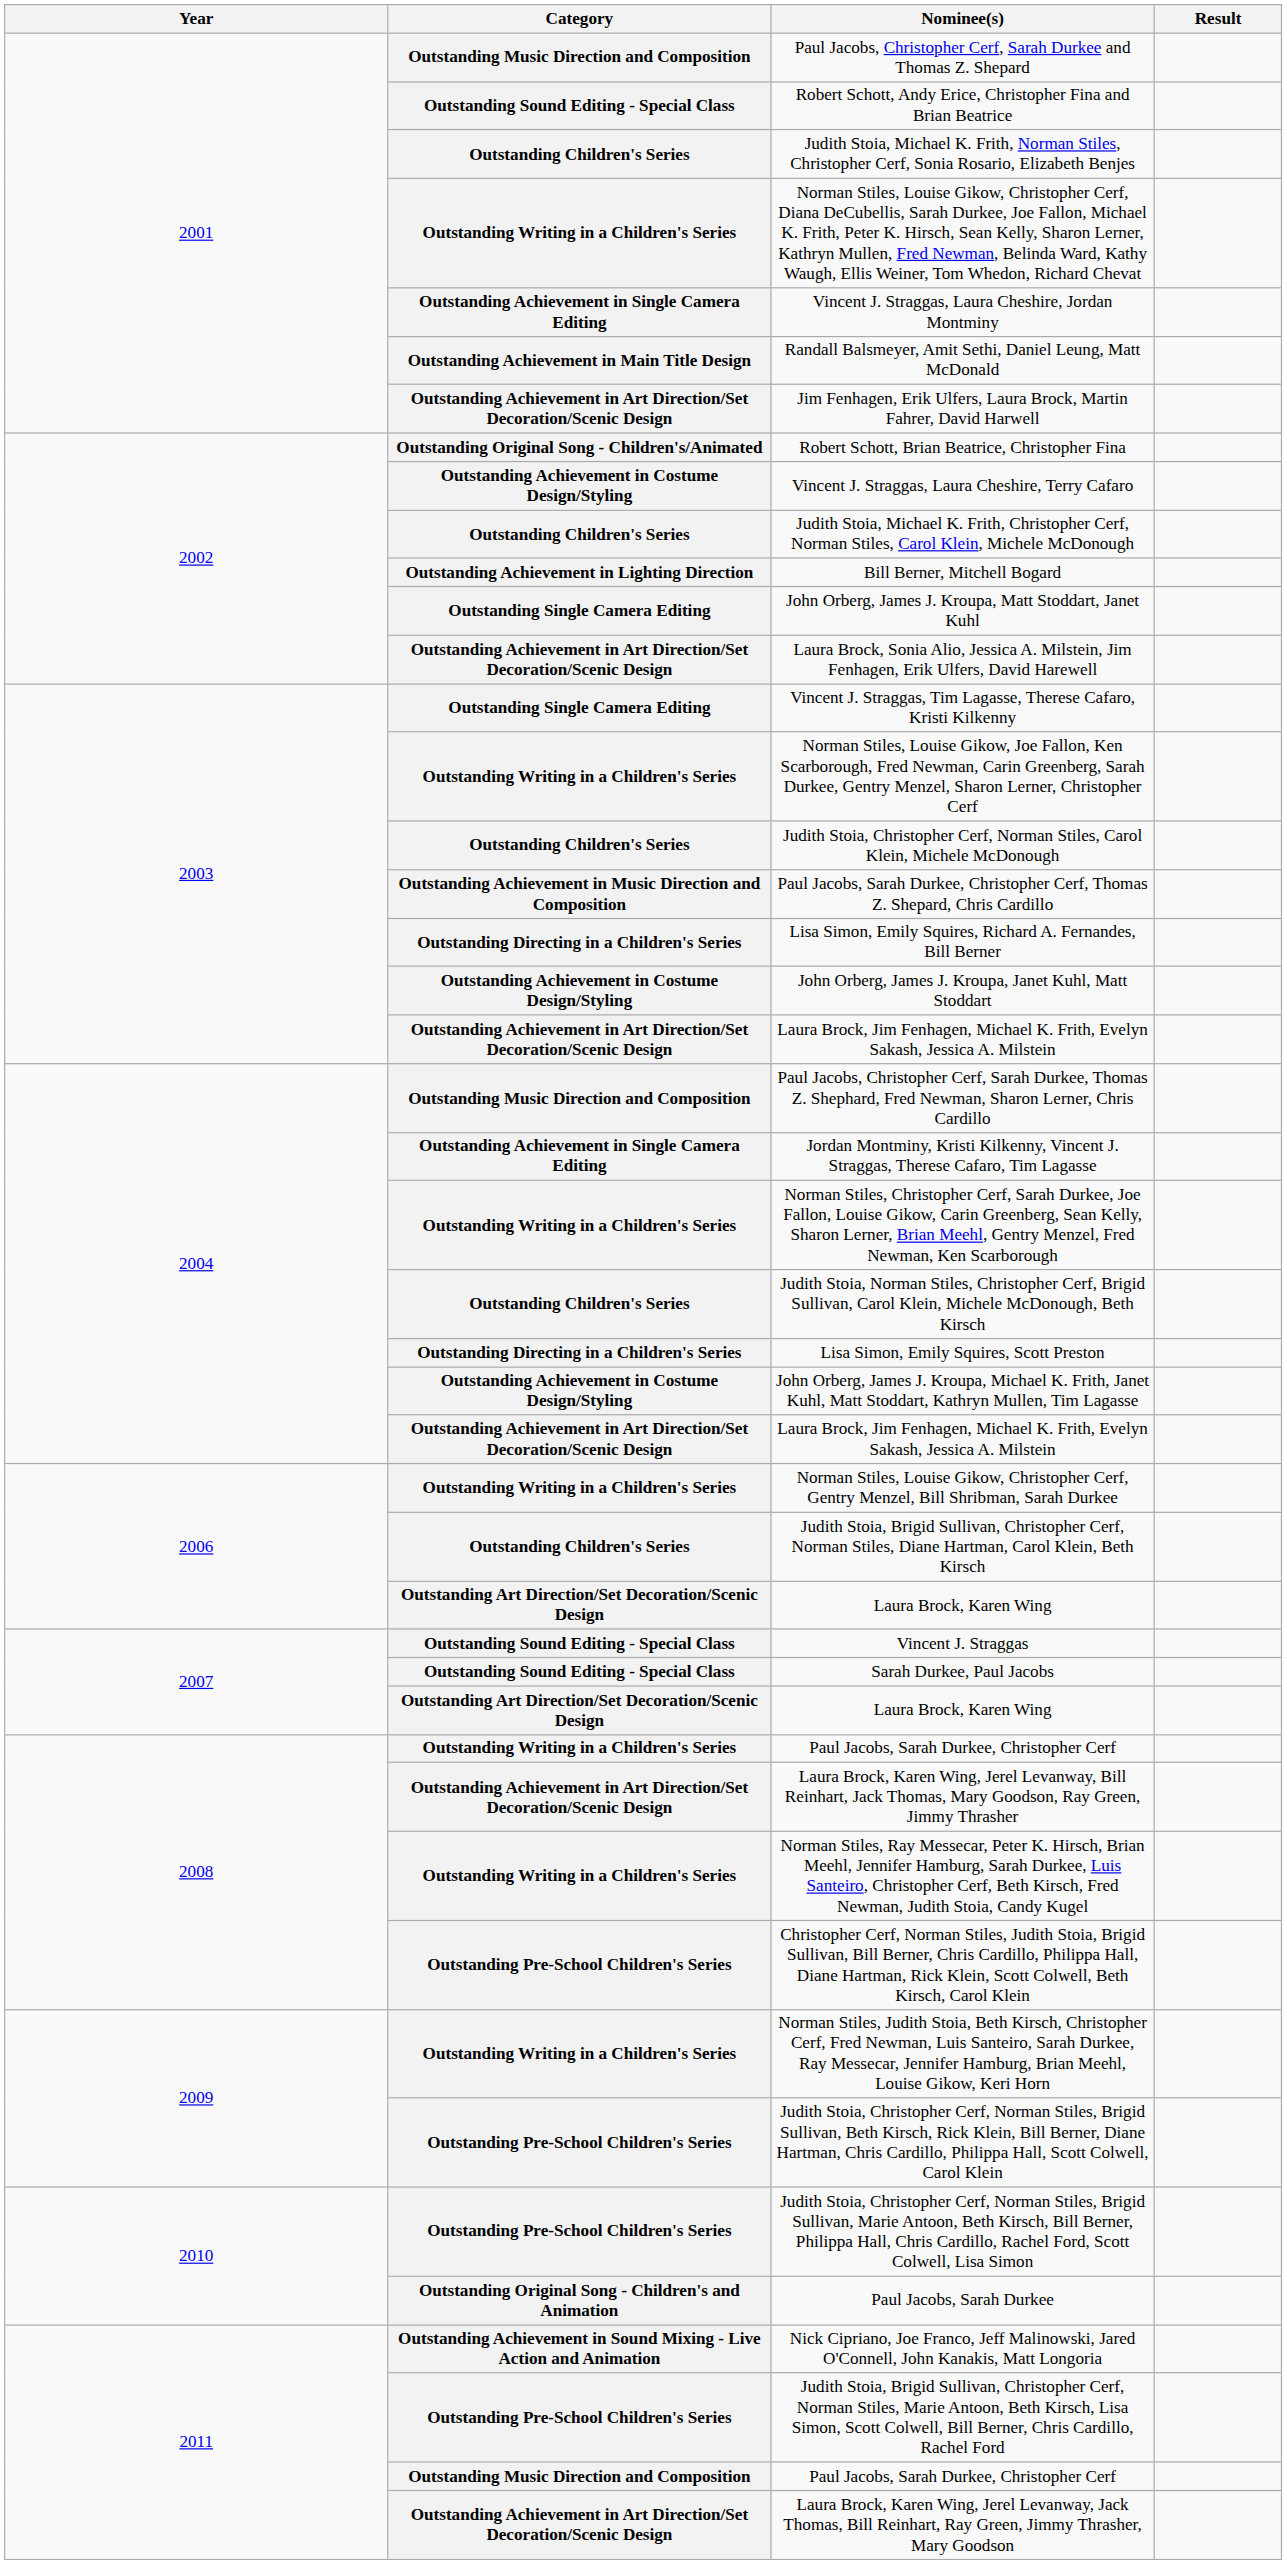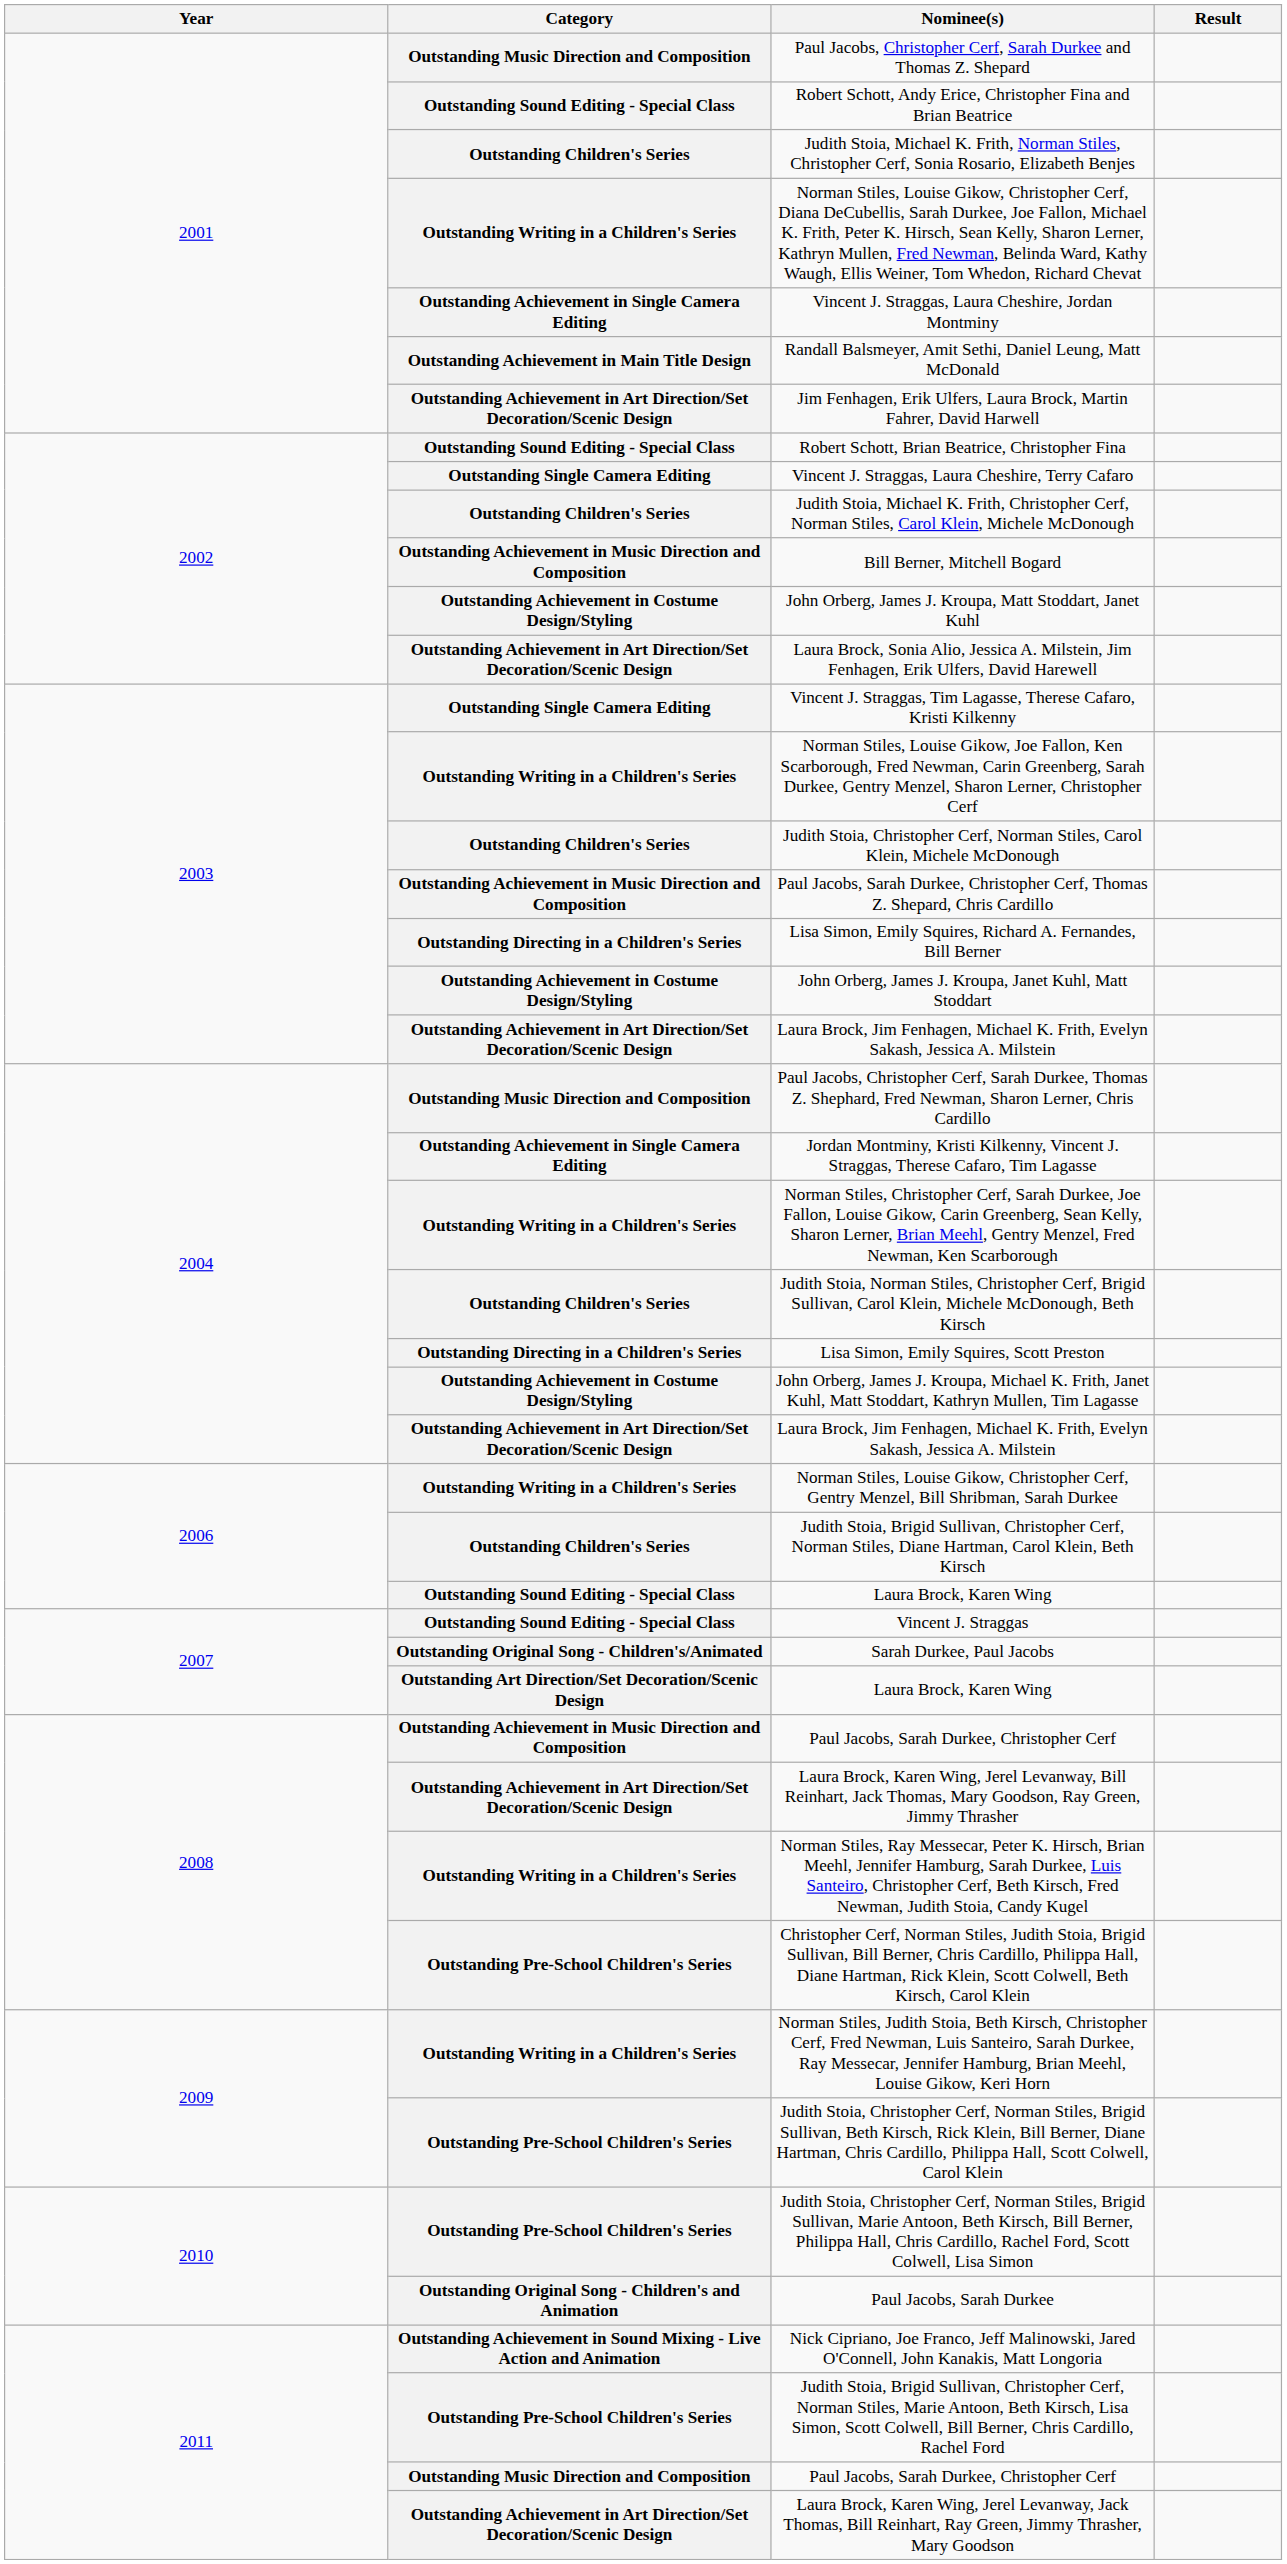 <table class="wikitable plainrowheaders" style="font-size: 90%; text-align:center" width=85%>
 <tr>
 <th scope="col" width="30%">Year</th>
 <th scope="col" width="30%">Category</th>
 <th scope="col" width="30%">Nominee(s)</th>
 <th scope="col" width="10%">Result</th>
 </tr>
 <tr>
 <td rowspan="7"><a href='#'>2001</a></td>
 <th scope="row" style="text-align:center">Outstanding Music Direction and Composition</th>
 <td colspan="1”">Paul Jacobs, <a href='#'>Christopher Cerf</a>, <a href='#'>Sarah Durkee</a> and Thomas Z. Shepard</td>
 <td></td>
 </tr>
 <tr>
 <th scope="row" style="text-align:center">Outstanding Sound Editing - Special Class</th>
 <td colspan="1”">Robert Schott, Andy Erice, Christopher Fina and Brian Beatrice</td>
 <td></td>
 </tr>
 <tr>
 <th scope="row" style="text-align:center">Outstanding Children's Series</th>
 <td colspan="1”">Judith Stoia, Michael K. Frith, <a href='#'>Norman Stiles</a>, Christopher Cerf, Sonia Rosario, Elizabeth Benjes</td>
 <td></td>
 </tr>
 <tr>
 <th scope="row" style="text-align:center">Outstanding Writing in a Children's Series</th>
 <td colspan="1”">Norman Stiles, Louise Gikow, Christopher Cerf, Diana DeCubellis, Sarah Durkee, Joe Fallon, Michael K. Frith, Peter K. Hirsch, Sean Kelly, Sharon Lerner, Kathryn Mullen, <a href='#'>Fred Newman</a>, Belinda Ward, Kathy Waugh, Ellis Weiner, Tom Whedon, Richard Chevat</td>
 <td></td>
 </tr>
 <tr>
 <th scope="row" style="text-align:center">Outstanding Achievement in Single Camera Editing</th>
 <td colspan="1”">Vincent J. Straggas, Laura Cheshire, Jordan Montminy</td>
 <td></td>
 </tr>
 <tr>
 <th scope="row" style="text-align:center">Outstanding Achievement in Main Title Design</th>
 <td colspan="1”">Randall Balsmeyer, Amit Sethi, Daniel Leung, Matt McDonald</td>
 <td></td>
 </tr>
 <tr>
 <th scope="row" style="text-align:center">Outstanding Achievement in Art Direction/Set Decoration/Scenic Design</th>
 <td colspan="1”">Jim Fenhagen, Erik Ulfers, Laura Brock, Martin Fahrer, David Harwell</td>
 <td></td>
 </tr>
 <tr>
 <td rowspan="6"><a href='#'>2002</a></td>
-<th scope="row" style="text-align:center">Outstanding Original Song - Children's/Animated</th>
+<th scope="row" style="text-align:center">Outstanding Sound Editing - Special Class</th>
 <td colspan="1”">Robert Schott, Brian Beatrice, Christopher Fina</td>
 <td></td>
 </tr>
 <tr>
-<th scope="row" style="text-align:center">Outstanding Achievement in Costume Design/Styling</th>
+<th scope="row" style="text-align:center">Outstanding Single Camera Editing</th>
 <td colspan="1”">Vincent J. Straggas, Laura Cheshire, Terry Cafaro</td>
 <td></td>
 </tr>
 <tr>
 <th scope="row" style="text-align:center">Outstanding Children's Series</th>
 <td colspan="1”">Judith Stoia, Michael K. Frith, Christopher Cerf, Norman Stiles, <a href='#'>Carol Klein</a>, Michele McDonough</td>
 <td></td>
 </tr>
 <tr>
-<th scope="row" style="text-align:center">Outstanding Achievement in Lighting Direction</th>
+<th scope="row" style="text-align:center">Outstanding Achievement in Music Direction and Composition</th>
 <td colspan="1”">Bill Berner, Mitchell Bogard</td>
 <td></td>
 </tr>
 <tr>
-<th scope="row" style="text-align:center">Outstanding Single Camera Editing</th>
+<th scope="row" style="text-align:center">Outstanding Achievement in Costume Design/Styling</th>
 <td colspan="1”">John Orberg, James J. Kroupa, Matt Stoddart, Janet Kuhl</td>
 <td></td>
 </tr>
 <tr>
 <th scope="row" style="text-align:center">Outstanding Achievement in Art Direction/Set Decoration/Scenic Design</th>
 <td colspan="1”">Laura Brock, Sonia Alio, Jessica A. Milstein, Jim Fenhagen, Erik Ulfers, David Harewell</td>
 <td></td>
 </tr>
 <tr>
 <td rowspan="7"><a href='#'>2003</a></td>
 <th scope="row" style="text-align:center">Outstanding Single Camera Editing</th>
 <td colspan="1”">Vincent J. Straggas, Tim Lagasse, Therese Cafaro, Kristi Kilkenny</td>
 <td></td>
 </tr>
 <tr>
 <th scope="row" style="text-align:center">Outstanding Writing in a Children's Series</th>
 <td colspan="1”">Norman Stiles, Louise Gikow, Joe Fallon, Ken Scarborough, Fred Newman, Carin Greenberg, Sarah Durkee, Gentry Menzel, Sharon Lerner, Christopher Cerf</td>
 <td></td>
 </tr>
 <tr>
 <th scope="row" style="text-align:center">Outstanding Children's Series</th>
 <td colspan="1”">Judith Stoia, Christopher Cerf, Norman Stiles, Carol Klein, Michele McDonough</td>
 <td></td>
 </tr>
 <tr>
 <th scope="row" style="text-align:center">Outstanding Achievement in Music Direction and Composition</th>
 <td colspan="1”">Paul Jacobs, Sarah Durkee, Christopher Cerf, Thomas Z. Shepard, Chris Cardillo</td>
 <td></td>
 </tr>
 <tr>
 <th scope="row" style="text-align:center">Outstanding Directing in a Children's Series</th>
 <td colspan="1”">Lisa Simon, Emily Squires, Richard A. Fernandes, Bill Berner</td>
 <td></td>
 </tr>
 <tr>
 <th scope="row" style="text-align:center">Outstanding Achievement in Costume Design/Styling</th>
 <td colspan="1”">John Orberg, James J. Kroupa, Janet Kuhl, Matt Stoddart</td>
 <td></td>
 </tr>
 <tr>
 <th scope="row" style="text-align:center">Outstanding Achievement in Art Direction/Set Decoration/Scenic Design</th>
 <td colspan="1”">Laura Brock, Jim Fenhagen, Michael K. Frith, Evelyn Sakash, Jessica A. Milstein</td>
 <td></td>
 </tr>
 <tr>
 <td rowspan="7"><a href='#'>2004</a></td>
 <th scope="row" style="text-align:center">Outstanding Music Direction and Composition</th>
 <td colspan="1”">Paul Jacobs, Christopher Cerf, Sarah Durkee, Thomas Z. Shephard, Fred Newman, Sharon Lerner, Chris Cardillo</td>
 <td></td>
 </tr>
 <tr>
 <th scope="row" style="text-align:center">Outstanding Achievement in Single Camera Editing</th>
 <td colspan="1”">Jordan Montminy, Kristi Kilkenny, Vincent J. Straggas, Therese Cafaro, Tim Lagasse</td>
 <td></td>
 </tr>
 <tr>
 <th scope="row" style="text-align:center">Outstanding Writing in a Children's Series</th>
 <td colspan="1”">Norman Stiles, Christopher Cerf, Sarah Durkee, Joe Fallon, Louise Gikow, Carin Greenberg, Sean Kelly, Sharon Lerner, <a href='#'>Brian Meehl</a>, Gentry Menzel, Fred Newman, Ken Scarborough</td>
 <td></td>
 </tr>
 <tr>
 <th scope="row" style="text-align:center">Outstanding Children's Series</th>
 <td colspan="1”">Judith Stoia, Norman Stiles, Christopher Cerf, Brigid Sullivan, Carol Klein, Michele McDonough, Beth Kirsch</td>
 <td></td>
 </tr>
 <tr>
 <th scope="row" style="text-align:center">Outstanding Directing in a Children's Series</th>
 <td colspan="1”">Lisa Simon, Emily Squires, Scott Preston</td>
 <td></td>
 </tr>
 <tr>
 <th scope="row" style="text-align:center">Outstanding Achievement in Costume Design/Styling</th>
 <td colspan="1”">John Orberg, James J. Kroupa, Michael K. Frith, Janet Kuhl, Matt Stoddart, Kathryn Mullen, Tim Lagasse</td>
 <td></td>
 </tr>
 <tr>
 <th scope="row" style="text-align:center">Outstanding Achievement in Art Direction/Set Decoration/Scenic Design</th>
 <td colspan="1”">Laura Brock, Jim Fenhagen, Michael K. Frith, Evelyn Sakash, Jessica A. Milstein</td>
 <td></td>
 </tr>
 <tr>
 <td rowspan="3"><a href='#'>2006</a></td>
 <th scope="row" style="text-align:center">Outstanding Writing in a Children's Series</th>
 <td colspan="1”">Norman Stiles, Louise Gikow, Christopher Cerf, Gentry Menzel, Bill Shribman, Sarah Durkee</td>
 <td></td>
 </tr>
 <tr>
 <th scope="row" style="text-align:center">Outstanding Children's Series</th>
 <td colspan="1”">Judith Stoia, Brigid Sullivan, Christopher Cerf, Norman Stiles, Diane Hartman, Carol Klein, Beth Kirsch</td>
 <td></td>
 </tr>
 <tr>
-<th scope="row" style="text-align:center">Outstanding Art Direction/Set Decoration/Scenic Design</th>
+<th scope="row" style="text-align:center">Outstanding Sound Editing - Special Class</th>
 <td colspan="1”">Laura Brock, Karen Wing</td>
 <td></td>
 </tr>
 <tr>
 <td rowspan="3"><a href='#'>2007</a></td>
 <th scope="row" style="text-align:center">Outstanding Sound Editing - Special Class</th>
 <td colspan="1”">Vincent J. Straggas</td>
 <td></td>
 </tr>
 <tr>
-<th scope="row" style="text-align:center">Outstanding Sound Editing - Special Class</th>
+<th scope="row" style="text-align:center">Outstanding Original Song - Children's/Animated</th>
 <td colspan="1”">Sarah Durkee, Paul Jacobs </td>
 <td></td>
 </tr>
 <tr>
 <th scope="row" style="text-align:center">Outstanding Art Direction/Set Decoration/Scenic Design</th>
 <td colspan="1”">Laura Brock, Karen Wing</td>
 <td></td>
 </tr>
 <tr>
 <td rowspan="4"><a href='#'>2008</a></td>
-<th scope="row" style="text-align:center">Outstanding Writing in a Children's Series</th>
+<th scope="row" style="text-align:center">Outstanding Achievement in Music Direction and Composition</th>
 <td colspan="1”">Paul Jacobs, Sarah Durkee, Christopher Cerf</td>
 <td></td>
 </tr>
 <tr>
 <th scope="row" style="text-align:center">Outstanding Achievement in Art Direction/Set Decoration/Scenic Design</th>
 <td colspan="1”">Laura Brock, Karen Wing, Jerel Levanway, Bill Reinhart, Jack Thomas, Mary Goodson, Ray Green, Jimmy Thrasher</td>
 <td></td>
 </tr>
 <tr>
 <th scope="row" style="text-align:center">Outstanding Writing in a Children's Series</th>
 <td colspan="1”">Norman Stiles, Ray Messecar, Peter K. Hirsch, Brian Meehl, Jennifer Hamburg, Sarah Durkee, <a href='#'>Luis Santeiro</a>, Christopher Cerf, Beth Kirsch, Fred Newman, Judith Stoia, Candy Kugel</td>
 <td></td>
 </tr>
 <tr>
 <th scope="row" style="text-align:center">Outstanding Pre-School Children's Series</th>
 <td colspan="1”">Christopher Cerf, Norman Stiles, Judith Stoia, Brigid Sullivan, Bill Berner, Chris Cardillo, Philippa Hall, Diane Hartman, Rick Klein, Scott Colwell, Beth Kirsch, Carol Klein</td>
 <td></td>
 </tr>
 <tr>
 <td rowspan="2"><a href='#'>2009</a></td>
 <th scope="row" style="text-align:center">Outstanding Writing in a Children's Series</th>
 <td colspan="1”">Norman Stiles, Judith Stoia, Beth Kirsch, Christopher Cerf, Fred Newman, Luis Santeiro, Sarah Durkee, Ray Messecar, Jennifer Hamburg, Brian Meehl, Louise Gikow, Keri Horn</td>
 <td></td>
 </tr>
 <tr>
 <th scope="row" style="text-align:center">Outstanding Pre-School Children's Series</th>
 <td colspan="1”">Judith Stoia, Christopher Cerf, Norman Stiles, Brigid Sullivan, Beth Kirsch, Rick Klein, Bill Berner, Diane Hartman, Chris Cardillo, Philippa Hall, Scott Colwell, Carol Klein</td>
 <td></td>
 </tr>
 <tr>
 <td rowspan="2"><a href='#'>2010</a></td>
 <th scope="row" style="text-align:center">Outstanding Pre-School Children's Series</th>
 <td colspan="1”">Judith Stoia, Christopher Cerf, Norman Stiles, Brigid Sullivan, Marie Antoon, Beth Kirsch, Bill Berner, Philippa Hall, Chris Cardillo, Rachel Ford, Scott Colwell, Lisa Simon</td>
 <td></td>
 </tr>
 <tr>
 <th scope="row" style="text-align:center">Outstanding Original Song - Children's and Animation</th>
 <td colspan="1”">Paul Jacobs, Sarah Durkee <br> </td>
 <td></td>
 </tr>
 <tr>
 <td rowspan="4"><a href='#'>2011</a></td>
 <th scope="row" style="text-align:center">Outstanding Achievement in Sound Mixing - Live Action and Animation</th>
 <td colspan="1”">Nick Cipriano, Joe Franco, Jeff Malinowski, Jared O'Connell, John Kanakis, Matt Longoria</td>
 <td></td>
 </tr>
 <tr>
 <th scope="row" style="text-align:center">Outstanding Pre-School Children's Series</th>
 <td colspan="1”">Judith Stoia, Brigid Sullivan, Christopher Cerf, Norman Stiles, Marie Antoon, Beth Kirsch, Lisa Simon, Scott Colwell, Bill Berner, Chris Cardillo, Rachel Ford</td>
 <td></td>
 </tr>
 <tr>
 <th scope="row" style="text-align:center">Outstanding Music Direction and Composition</th>
 <td colspan="1”">Paul Jacobs, Sarah Durkee, Christopher Cerf</td>
 <td></td>
 </tr>
 <tr>
 <th scope="row" style="text-align:center">Outstanding Achievement in Art Direction/Set Decoration/Scenic Design</th>
 <td colspan="1”">Laura Brock, Karen Wing, Jerel Levanway, Jack Thomas, Bill Reinhart, Ray Green, Jimmy Thrasher, Mary Goodson</td>
 <td></td>
 </tr>
 </table>
